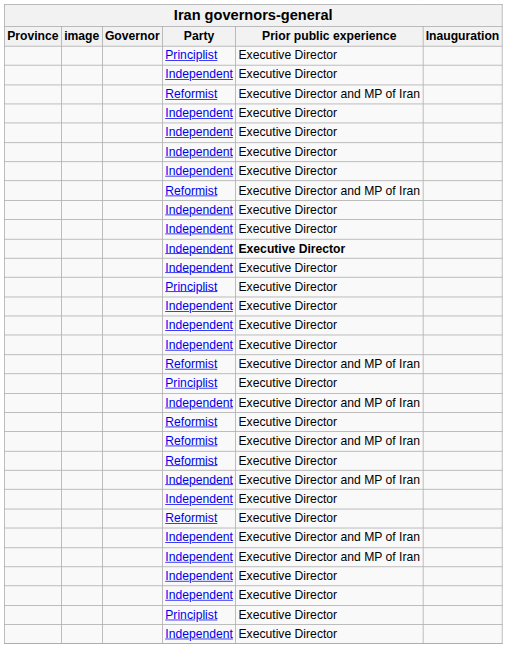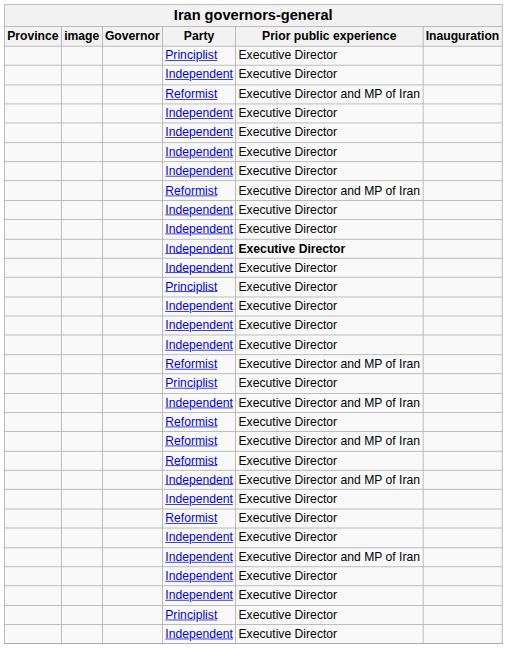 <table class="sortable wikitable">
 <tr>
 <th colspan=11><big>Iran governors-general</big><br></th>
 </tr>
 <tr>
 <th>Province</th>
 <th class=unsortable>image</th>
 <th>Governor</th>
 <th>Party</th>
 <th>Prior public experience</th>
 <th>Inauguration</th>
 </tr>
 <tr>
 <td></td>
 <td></td>
 <td></td>
 <td><a href='#'>Principlist</a></td>
 <td>Executive Director</td>
 <td></td>
 </tr>
 <tr>
 <td></td>
 <td></td>
 <td></td>
 <td><a href='#'>Independent</a></td>
 <td>Executive Director</td>
 <td></td>
 </tr>
 <tr>
 <td></td>
 <td></td>
 <td></td>
 <td><a href='#'>Reformist</a></td>
 <td>Executive Director and MP of Iran</td>
 <td></td>
 </tr>
 <tr>
 <td></td>
 <td></td>
 <td></td>
 <td><a href='#'>Independent</a></td>
 <td>Executive Director</td>
 <td></td>
 </tr>
 <tr>
 <td></td>
 <td></td>
 <td></td>
 <td><a href='#'>Independent</a></td>
 <td>Executive Director</td>
 <td></td>
 </tr>
 <tr>
 <td></td>
 <td></td>
 <td></td>
 <td><a href='#'>Independent</a></td>
 <td>Executive Director</td>
 <td></td>
 </tr>
 <tr>
 <td></td>
 <td></td>
 <td></td>
 <td><a href='#'>Independent</a></td>
 <td>Executive Director</td>
 <td></td>
 </tr>
 <tr>
 <td></td>
 <td></td>
 <td></td>
 <td><a href='#'>Reformist</a></td>
 <td>Executive Director and MP of Iran</td>
 <td></td>
 </tr>
 <tr>
 <td></td>
 <td></td>
 <td></td>
 <td><a href='#'>Independent</a></td>
 <td>Executive Director</td>
 <td></td>
 </tr>
 <tr>
 <td></td>
 <td></td>
 <td></td>
 <td><a href='#'>Independent</a></td>
 <td>Executive Director</td>
 <td></td>
 </tr>
 <tr>
 <td></td>
 <td></td>
 <td></td>
 <td><a href='#'>Independent</a></td>
 <td><strong>Executive Director</strong></td>
 <td></td>
 </tr>
 <tr>
 <td></td>
 <td></td>
 <td></td>
 <td><a href='#'>Independent</a></td>
 <td>Executive Director</td>
 <td></td>
 </tr>
 <tr>
 <td></td>
 <td></td>
 <td></td>
 <td><a href='#'>Principlist</a></td>
 <td>Executive Director</td>
 <td></td>
 </tr>
 <tr>
 <td></td>
 <td></td>
 <td></td>
 <td><a href='#'>Independent</a></td>
 <td>Executive Director</td>
 <td></td>
 </tr>
 <tr>
 <td></td>
 <td></td>
 <td></td>
 <td><a href='#'>Independent</a></td>
 <td>Executive Director</td>
 <td></td>
 </tr>
 <tr>
 <td></td>
 <td></td>
 <td></td>
 <td><a href='#'>Independent</a></td>
 <td>Executive Director</td>
 <td></td>
 </tr>
 <tr>
 <td></td>
 <td></td>
 <td></td>
 <td><a href='#'>Reformist</a></td>
 <td>Executive Director and MP of Iran</td>
 <td></td>
 </tr>
 <tr>
 <td></td>
 <td></td>
 <td></td>
 <td><a href='#'>Principlist</a></td>
 <td>Executive Director</td>
 <td></td>
 </tr>
 <tr>
 <td></td>
 <td></td>
 <td></td>
 <td><a href='#'>Independent</a></td>
 <td>Executive Director and MP of Iran</td>
 <td></td>
 </tr>
 <tr>
 <td></td>
 <td></td>
 <td></td>
 <td><a href='#'>Reformist</a></td>
 <td>Executive Director</td>
 <td></td>
 </tr>
 <tr>
 <td></td>
 <td></td>
 <td></td>
 <td><a href='#'>Reformist</a></td>
 <td>Executive Director and MP of Iran</td>
 <td></td>
 </tr>
 <tr>
 <td></td>
 <td></td>
 <td></td>
 <td><a href='#'>Reformist</a></td>
 <td>Executive Director</td>
 <td></td>
 </tr>
 <tr>
 <td></td>
 <td></td>
 <td></td>
 <td><a href='#'>Independent</a></td>
 <td>Executive Director and MP of Iran</td>
 <td></td>
 </tr>
 <tr>
 <td></td>
 <td></td>
 <td></td>
 <td><a href='#'>Independent</a></td>
 <td>Executive Director</td>
 <td></td>
 </tr>
 <tr>
 <td></td>
 <td></td>
 <td></td>
 <td><a href='#'>Reformist</a></td>
 <td>Executive Director</td>
 <td></td>
 </tr>
 <tr>
 <td> </td>
 <td></td>
 <td></td>
 <td><a href='#'>Independent</a></td>
-<td>Executive Director and MP of Iran</td>
+<td>Executive Director</td>
 <td></td>
 </tr>
 <tr>
 <td></td>
 <td></td>
 <td></td>
 <td><a href='#'>Independent</a></td>
 <td>Executive Director and MP of Iran</td>
 <td></td>
 </tr>
 <tr>
 <td> </td>
 <td></td>
 <td></td>
 <td><a href='#'>Independent</a></td>
 <td>Executive Director</td>
 <td></td>
 </tr>
 <tr>
 <td></td>
 <td></td>
 <td></td>
 <td><a href='#'>Independent</a></td>
 <td>Executive Director</td>
 <td></td>
 </tr>
 <tr>
 <td> </td>
 <td></td>
 <td></td>
 <td><a href='#'>Principlist</a></td>
 <td>Executive Director</td>
 <td></td>
 </tr>
 <tr>
 <td></td>
 <td></td>
 <td></td>
 <td><a href='#'>Independent</a></td>
 <td>Executive Director</td>
 <td></td>
 </tr>
 <tr>
 </tr>
 </table>
